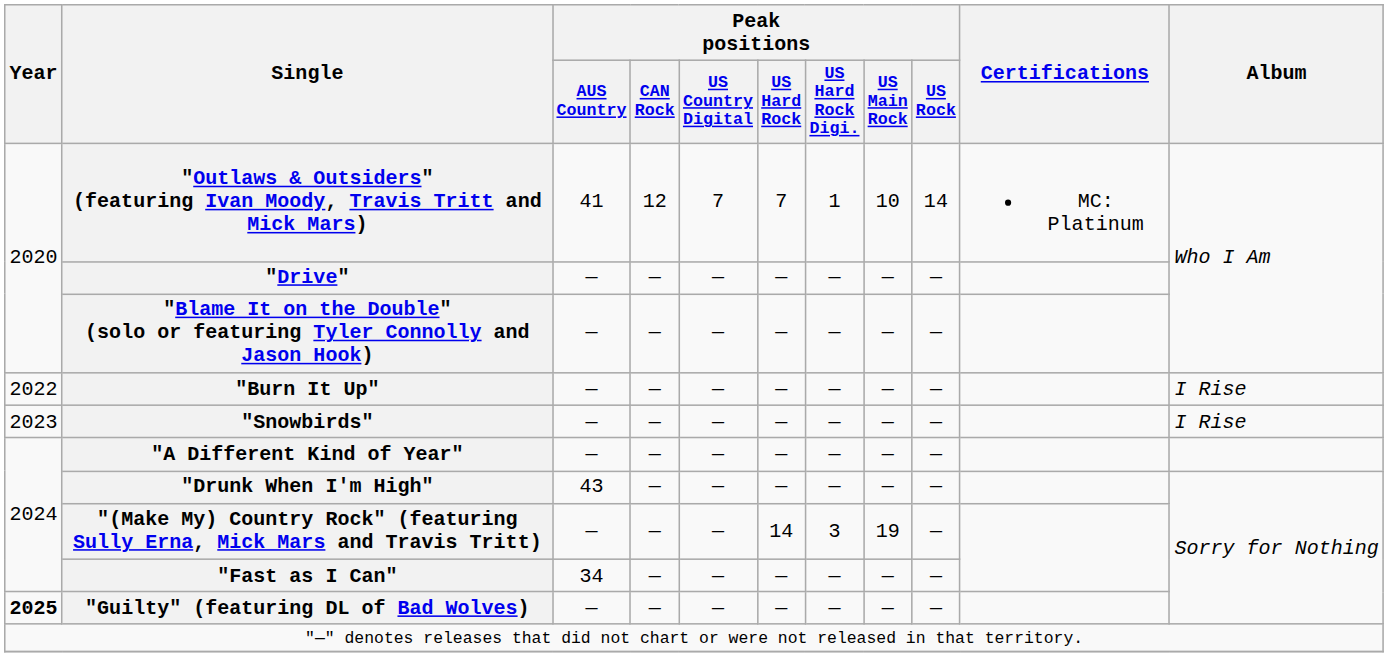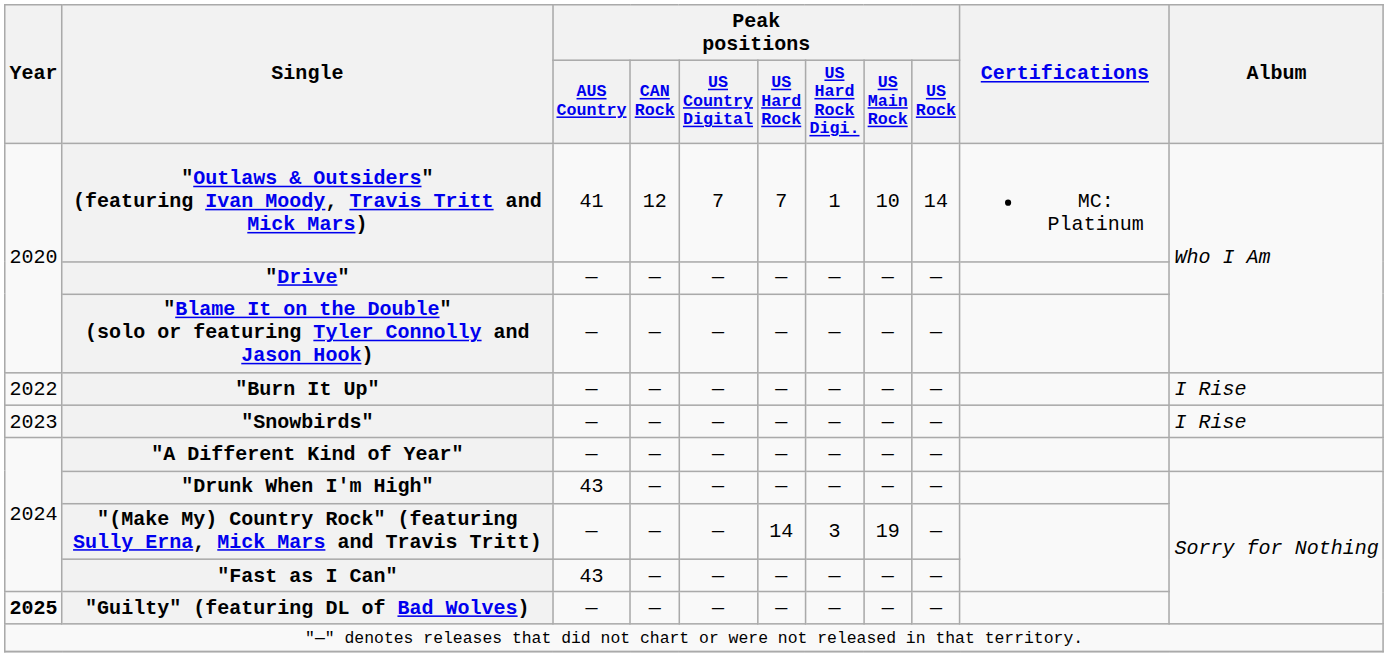 <table class="wikitable plainrowheaders" style="text-align:center;">
 <tr>
 <th rowspan="2">Year</th>
 <th rowspan="2" style="width:24em;">Single</th>
 <th colspan="7">Peak<br>positions</th>
 <th rowspan="2" style="width:10em;"><a href='#'>Certifications</a></th>
 <th rowspan="2">Album</th>
 </tr>
 <tr style="font-size:smaller;">
 <th><a href='#'>AUS<br>Country</a><br></th>
 <th><a href='#'>CAN<br>Rock</a><br></th>
 <th><a href='#'>US<br>Country<br>Digital</a><br></th>
 <th><a href='#'>US<br>Hard<br>Rock</a><br></th>
 <th><a href='#'>US<br>Hard<br>Rock<br>Digi.</a></th>
 <th><a href='#'>US<br>Main<br>Rock</a><br></th>
 <th><a href='#'>US<br>Rock</a><br></th>
 </tr>
 <tr>
 <td rowspan="3">2020</td>
 <th scope="row">"<a href='#'>Outlaws & Outsiders</a>"<br><span>(featuring <a href='#'>Ivan Moody</a>, <a href='#'>Travis Tritt</a> and <a href='#'>Mick Mars</a>)</span></th>
 <td>41</td>
 <td>12</td>
 <td>7</td>
 <td>7</td>
 <td>1</td>
 <td>10</td>
 <td>14</td>
 <td><br><ul><li>MC: Platinum</li></ul></td>
 <td align="left" rowspan="3"><em>Who I Am</em></td>
 </tr>
 <tr>
 <th scope="row">"<a href='#'>Drive</a>"</th>
 <td>—</td>
 <td>—</td>
 <td>—</td>
 <td>—</td>
 <td>—</td>
 <td>—</td>
 <td>—</td>
 <td></td>
 </tr>
 <tr>
 <th scope="row">"<a href='#'>Blame It on the Double</a>"<br><span>(solo or featuring <a href='#'>Tyler Connolly</a> and <a href='#'>Jason Hook</a>)</span></th>
 <td>—</td>
 <td>—</td>
 <td>—</td>
 <td>—</td>
 <td>—</td>
 <td>—</td>
 <td>—</td>
 <td></td>
 </tr>
 <tr>
 <td>2022</td>
 <th scope="row">"Burn It Up"</th>
 <td>—</td>
 <td>—</td>
 <td>—</td>
 <td>—</td>
 <td>—</td>
 <td>—</td>
 <td>—</td>
 <td></td>
 <td align="left"><em>I Rise</em></td>
 </tr>
 <tr>
 <td>2023</td>
 <th scope="row">"Snowbirds"</th>
 <td>—</td>
 <td>—</td>
 <td>—</td>
 <td>—</td>
 <td>—</td>
 <td>—</td>
 <td>—</td>
 <td></td>
 <td align="left"><em>I Rise</em></td>
 </tr>
 <tr>
 <td rowspan="4">2024</td>
 <th scope="row">"A Different Kind of Year"</th>
 <td>—</td>
 <td>—</td>
 <td>—</td>
 <td>—</td>
 <td>—</td>
 <td>—</td>
 <td>—</td>
 <td></td>
 </tr>
 <tr>
 <th scope="row">"Drunk When I'm High"</th>
 <td>43</td>
 <td>—</td>
 <td>—</td>
 <td>—</td>
 <td>—</td>
 <td>—</td>
 <td>—</td>
 <td></td>
 <td align="left" rowspan="4"><em>Sorry for Nothing</em></td>
 </tr>
 <tr>
 <th scope="row">"(Make My) Country Rock" <span>(featuring <a href='#'>Sully Erna</a>, <a href='#'>Mick Mars</a> and Travis Tritt)</span></th>
 <td>—</td>
 <td>—</td>
 <td>—</td>
 <td>14</td>
 <td>3</td>
 <td>19</td>
 <td>—</td>
 </tr>
 <tr>
 <th scope="row">"Fast as I Can"</th>
-<td>34</td>
+<td>43</td>
 <td>—</td>
 <td>—</td>
 <td>—</td>
 <td>—</td>
 <td>—</td>
 <td>—</td>
 </tr>
 <tr>
 <td><strong>2025</strong></td>
 <th scope="row">"Guilty" <span>(featuring DL of <a href='#'>Bad Wolves</a>)</span></th>
 <td>—</td>
 <td>—</td>
 <td>—</td>
 <td>—</td>
 <td>—</td>
 <td>—</td>
 <td>—</td>
 <td></td>
 </tr>
 <tr>
 <td colspan="11" style="font-size:8pt">"—" denotes releases that did not chart or were not released in that territory.</td>
 </tr>
 <tr>
 </tr>
 </table>
